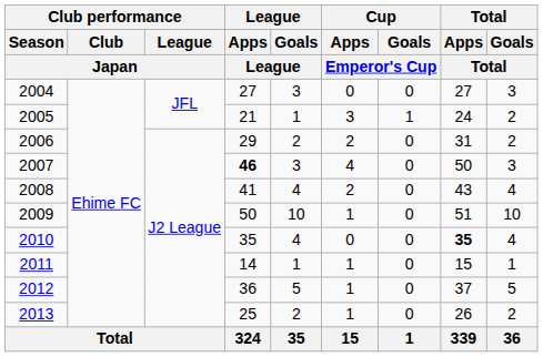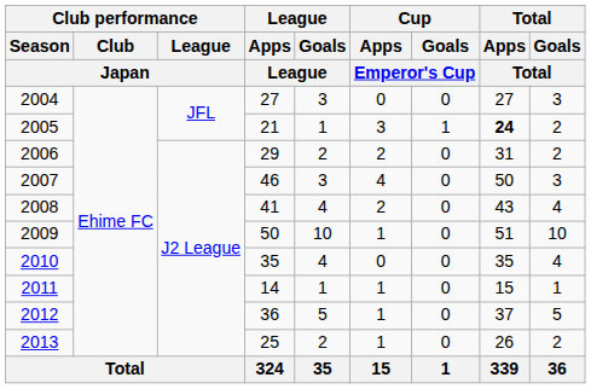 <table class="wikitable" style="text-align:center;">
 <tr>
 <th colspan=3>Club performance</th>
 <th colspan=2>League</th>
 <th colspan=2>Cup</th>
 <th colspan=2>Total</th>
 </tr>
 <tr>
 <th>Season</th>
 <th>Club</th>
 <th>League</th>
 <th>Apps</th>
 <th>Goals</th>
 <th>Apps</th>
 <th>Goals</th>
 <th>Apps</th>
 <th>Goals</th>
 </tr>
 <tr>
 <th colspan=3>Japan</th>
 <th colspan=2>League</th>
 <th colspan=2><a href='#'>Emperor's Cup</a></th>
 <th colspan=2>Total</th>
 </tr>
 <tr>
 <td>2004</td>
 <td rowspan="10"><a href='#'>Ehime FC</a></td>
 <td rowspan="2"><a href='#'>JFL</a></td>
 <td>27</td>
 <td>3</td>
 <td>0</td>
 <td>0</td>
 <td>27</td>
 <td>3</td>
 </tr>
 <tr>
 <td>2005</td>
 <td>21</td>
 <td>1</td>
 <td>3</td>
 <td>1</td>
-<td>24</td>
+<td><strong>24</strong></td>
 <td>2</td>
 </tr>
 <tr>
 <td>2006</td>
 <td rowspan="8"><a href='#'>J2 League</a></td>
 <td>29</td>
 <td>2</td>
 <td>2</td>
 <td>0</td>
 <td>31</td>
 <td>2</td>
 </tr>
 <tr>
 <td>2007</td>
-<td><strong>46</strong></td>
+<td>46</td>
 <td>3</td>
 <td>4</td>
 <td>0</td>
 <td>50</td>
 <td>3</td>
 </tr>
 <tr>
 <td>2008</td>
 <td>41</td>
 <td>4</td>
 <td>2</td>
 <td>0</td>
 <td>43</td>
 <td>4</td>
 </tr>
 <tr>
 <td>2009</td>
 <td>50</td>
 <td>10</td>
 <td>1</td>
 <td>0</td>
 <td>51</td>
 <td>10</td>
 </tr>
 <tr>
 <td><a href='#'>2010</a></td>
 <td>35</td>
 <td>4</td>
 <td>0</td>
 <td>0</td>
-<td><strong>35</strong></td>
+<td>35</td>
 <td>4</td>
 </tr>
 <tr>
 <td><a href='#'>2011</a></td>
 <td>14</td>
 <td>1</td>
 <td>1</td>
 <td>0</td>
 <td>15</td>
 <td>1</td>
 </tr>
 <tr>
 <td><a href='#'>2012</a></td>
 <td>36</td>
 <td>5</td>
 <td>1</td>
 <td>0</td>
 <td>37</td>
 <td>5</td>
 </tr>
 <tr>
 <td><a href='#'>2013</a></td>
 <td>25</td>
 <td>2</td>
 <td>1</td>
 <td>0</td>
 <td>26</td>
 <td>2</td>
 </tr>
 <tr>
 <th colspan=3>Total</th>
 <th>324</th>
 <th>35</th>
 <th>15</th>
 <th>1</th>
 <th>339</th>
 <th>36</th>
 </tr>
 </table>
